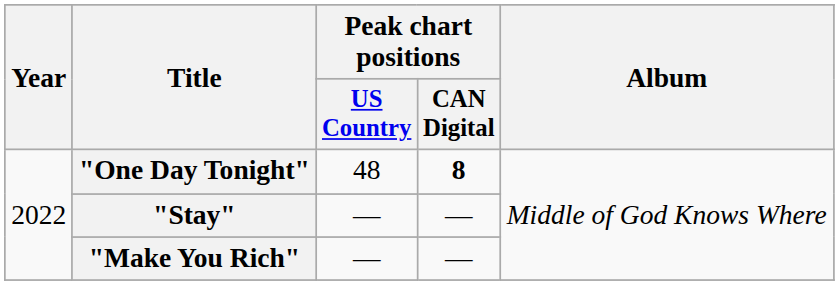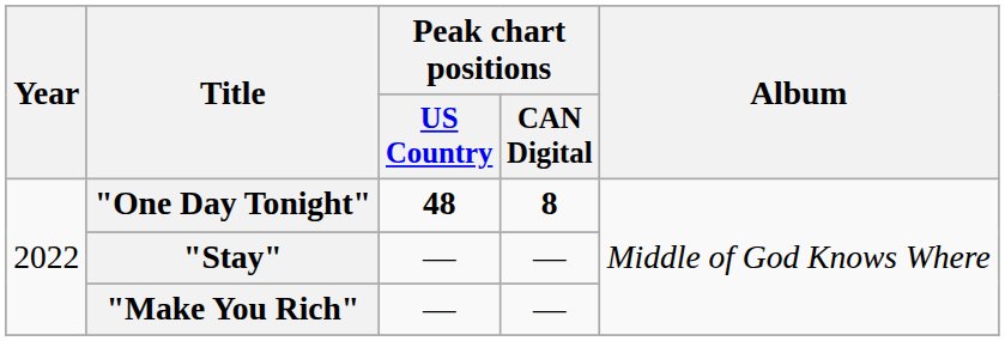 <table class="wikitable plainrowheaders" style="text-align:center">
 <tr>
 <th scope="col" rowspan="2">Year</th>
 <th scope="col" rowspan="2">Title</th>
 <th colspan="2">Peak chart positions</th>
 <th scope="col" rowspan="2">Album</th>
 </tr>
 <tr>
 <th scope="col" style="width:2.5em;font-size:90%;"><a href='#'>US<br>Country</a><br></th>
 <th scope="col" style="width:2.5em;font-size:90%;">CAN Digital<br></th>
 </tr>
 <tr>
 <td rowspan="3">2022</td>
 <th scope="row">"One Day Tonight"</th>
-<td>48</td>
+<td><strong>48</strong></td>
 <td><strong>8</strong></td>
 <td rowspan="3"><em>Middle of God Knows Where</em></td>
 </tr>
 <tr>
 <th scope="row">"Stay"</th>
 <td>—</td>
 <td>—</td>
 </tr>
 <tr>
 <th scope="row">"Make You Rich"</th>
 <td>—</td>
 <td>—</td>
 </tr>
 </table>
